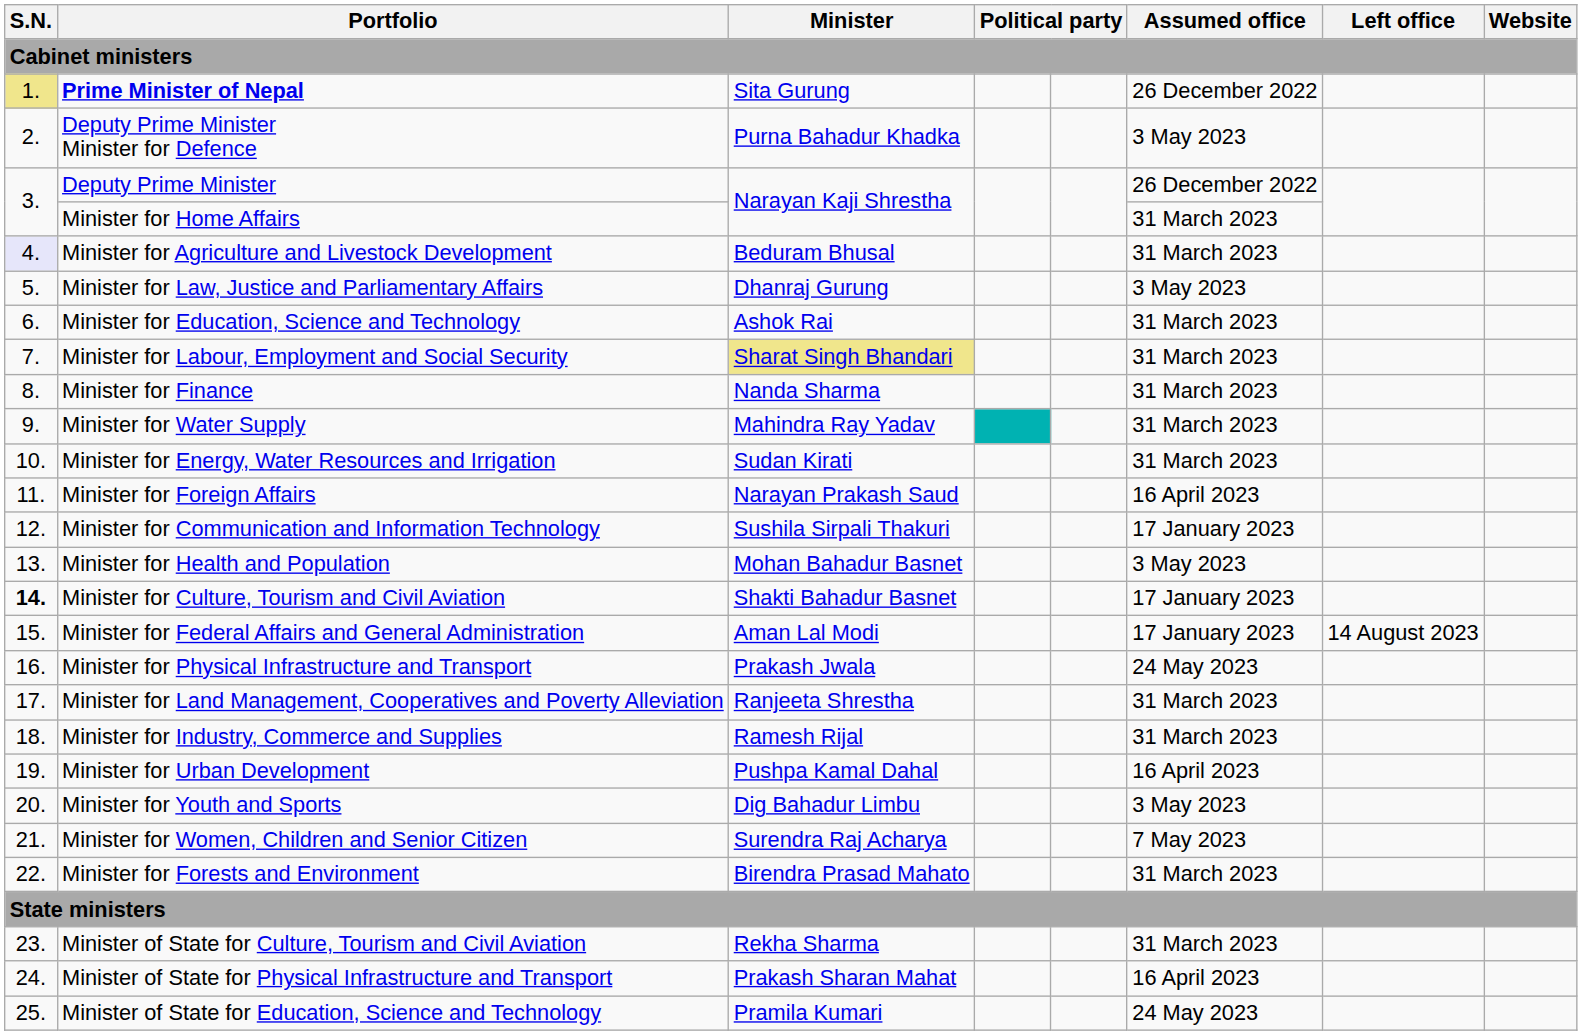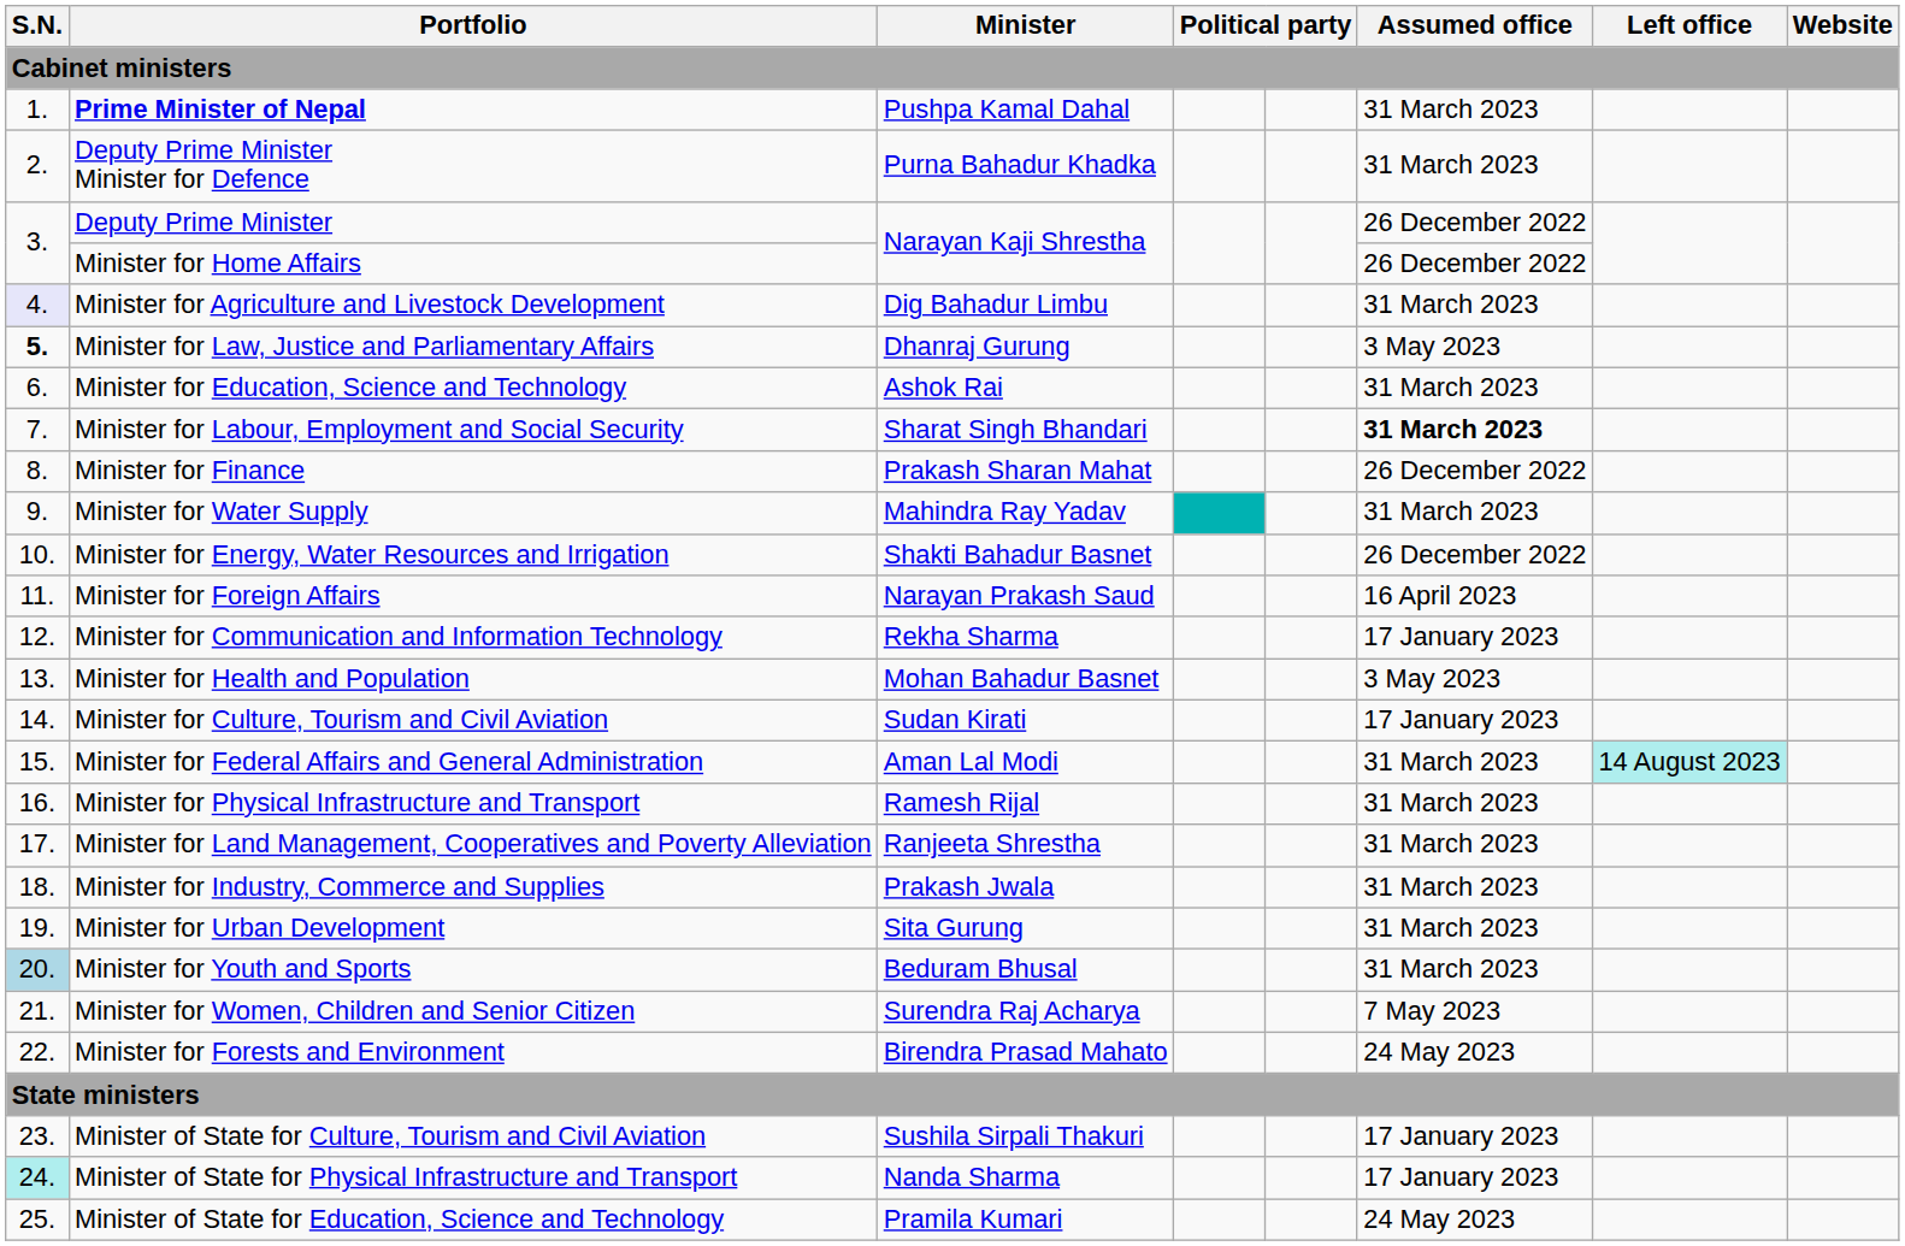 <table class="wikitable mw-collapsible mw-collapsed">
 <tr>
 <th>S.N.</th>
 <th>Portfolio</th>
 <th>Minister</th>
 <th colspan="2">Political party</th>
 <th>Assumed office</th>
 <th>Left office</th>
 <th>Website</th>
 </tr>
 <tr>
 <td colspan="8" bgcolor="darkgrey"><strong>Cabinet ministers</strong></td>
 </tr>
 <tr>
-<td style="background: khaki; text-align:center;">1.</td>
+<td style="text-align:center;">1.</td>
 <td><strong><a href='#'>Prime Minister of Nepal</a></strong></td>
-<td><a href='#'>Sita Gurung</a></td>
+<td><a href='#'>Pushpa Kamal Dahal</a></td>
 <td></td>
 <td></td>
-<td>26 December 2022</td>
+<td>31 March 2023</td>
 <td></td>
 <td></td>
 </tr>
 <tr>
 <td style="text-align:center;">2.</td>
 <td><a href='#'>Deputy Prime Minister</a><br>Minister for <a href='#'>Defence</a></td>
 <td><a href='#'>Purna Bahadur Khadka</a></td>
 <td></td>
 <td></td>
-<td>3 May 2023</td>
+<td>31 March 2023</td>
 <td></td>
 <td></td>
 </tr>
 <tr>
 <td rowspan="2" style="text-align:center;">3.</td>
 <td><a href='#'>Deputy Prime Minister</a></td>
 <td rowspan="2"><a href='#'>Narayan Kaji Shrestha</a></td>
 <td rowspan="2"></td>
 <td rowspan="2"></td>
 <td>26 December 2022</td>
 <td rowspan="2"></td>
 <td rowspan="2"></td>
 </tr>
 <tr>
 <td>Minister for <a href='#'>Home Affairs</a></td>
-<td>31 March 2023</td>
+<td>26 December 2022</td>
 </tr>
 <tr>
 <td style="background: lavender; text-align:center;">4.</td>
 <td>Minister for <a href='#'>Agriculture and Livestock Development</a></td>
-<td><a href='#'>Beduram Bhusal</a></td>
+<td><a href='#'>Dig Bahadur Limbu</a></td>
 <td></td>
 <td></td>
 <td>31 March 2023</td>
 <td></td>
 <td></td>
 </tr>
 <tr>
-<td style="text-align:center;">5.</td>
+<td style="text-align:center;"><strong>5.</strong></td>
 <td>Minister for <a href='#'>Law, Justice and Parliamentary Affairs</a></td>
 <td><a href='#'>Dhanraj Gurung</a></td>
 <td></td>
 <td></td>
 <td>3 May 2023</td>
 <td></td>
 <td></td>
 </tr>
 <tr>
 <td style="text-align:center;">6.</td>
 <td>Minister for <a href='#'>Education, Science and Technology</a></td>
 <td><a href='#'>Ashok Rai</a></td>
 <td></td>
 <td></td>
 <td>31 March 2023</td>
 <td></td>
 <td> </td>
 </tr>
 <tr>
 <td style="text-align:center;">7.</td>
 <td>Minister for <a href='#'>Labour, Employment and Social Security</a></td>
-<td style="background: khaki;"><a href='#'>Sharat Singh Bhandari</a></td>
+<td><a href='#'>Sharat Singh Bhandari</a></td>
 <td></td>
 <td></td>
-<td>31 March 2023</td>
+<td><strong>31 March 2023</strong></td>
 <td></td>
 <td></td>
 </tr>
 <tr>
 <td style="text-align:center;">8.</td>
 <td>Minister for <a href='#'>Finance</a></td>
-<td><a href='#'>Nanda Sharma</a></td>
+<td><a href='#'>Prakash Sharan Mahat</a></td>
 <td></td>
 <td></td>
-<td>31 March 2023</td>
+<td>26 December 2022</td>
 <td></td>
 <td></td>
 </tr>
 <tr>
 <td style="text-align:center;">9.</td>
 <td>Minister for <a href='#'>Water Supply</a></td>
 <td><a href='#'>Mahindra Ray Yadav</a></td>
 <td bgcolor="#00B2B2"></td>
 <td></td>
 <td>31 March 2023</td>
 <td></td>
 <td></td>
 </tr>
 <tr>
 <td style="text-align:center;">10.</td>
 <td>Minister for <a href='#'>Energy, Water Resources and Irrigation</a></td>
-<td><a href='#'>Sudan Kirati</a></td>
+<td><a href='#'>Shakti Bahadur Basnet</a></td>
 <td></td>
 <td></td>
-<td>31 March 2023</td>
+<td>26 December 2022</td>
 <td></td>
 <td> </td>
 </tr>
 <tr>
 <td style="text-align:center;">11.</td>
 <td>Minister for <a href='#'>Foreign Affairs</a></td>
 <td><a href='#'>Narayan Prakash Saud</a></td>
 <td></td>
 <td></td>
 <td>16 April 2023</td>
 <td></td>
 <td></td>
 </tr>
 <tr>
 <td style="text-align:center;">12.</td>
 <td>Minister for <a href='#'>Communication and Information Technology</a></td>
-<td><a href='#'>Sushila Sirpali Thakuri</a></td>
+<td><a href='#'>Rekha Sharma</a></td>
 <td></td>
 <td></td>
 <td>17 January 2023</td>
 <td></td>
 <td></td>
 </tr>
 <tr>
 <td style="text-align:center;">13.</td>
 <td>Minister for <a href='#'>Health and Population</a></td>
 <td><a href='#'>Mohan Bahadur Basnet</a></td>
 <td></td>
 <td></td>
 <td>3 May 2023</td>
 <td></td>
 <td> </td>
 </tr>
 <tr>
-<td style="text-align:center;"><strong>14.</strong></td>
+<td style="text-align:center;">14.</td>
 <td>Minister for <a href='#'>Culture, Tourism and Civil Aviation</a></td>
-<td><a href='#'>Shakti Bahadur Basnet</a></td>
+<td><a href='#'>Sudan Kirati</a></td>
 <td></td>
 <td></td>
 <td>17 January 2023</td>
 <td></td>
 <td></td>
 </tr>
 <tr>
 <td style="text-align:center;">15.</td>
 <td>Minister for <a href='#'>Federal Affairs and General Administration</a></td>
 <td><a href='#'>Aman Lal Modi</a></td>
 <td></td>
 <td></td>
-<td>17 January 2023</td>
-<td>14 August 2023</td>
+<td>31 March 2023</td>
+<td style="background: paleturquoise;">14 August 2023</td>
 <td></td>
 </tr>
 <tr>
 <td style="text-align:center;">16.</td>
 <td>Minister for <a href='#'>Physical Infrastructure and Transport</a></td>
-<td><a href='#'>Prakash Jwala</a></td>
+<td><a href='#'>Ramesh Rijal</a></td>
 <td></td>
 <td></td>
-<td>24 May 2023</td>
+<td>31 March 2023</td>
 <td></td>
 <td></td>
 </tr>
 <tr>
 <td style="text-align:center;">17.</td>
 <td>Minister for <a href='#'>Land Management, Cooperatives and Poverty Alleviation</a></td>
 <td><a href='#'>Ranjeeta Shrestha</a></td>
 <td></td>
 <td></td>
 <td>31 March 2023</td>
 <td></td>
 <td></td>
 </tr>
 <tr>
 <td style="text-align:center;">18.</td>
 <td>Minister for <a href='#'>Industry, Commerce and Supplies</a></td>
-<td><a href='#'>Ramesh Rijal</a></td>
+<td><a href='#'>Prakash Jwala</a></td>
 <td></td>
 <td></td>
 <td>31 March 2023</td>
 <td></td>
 <td></td>
 </tr>
 <tr>
 <td style="text-align:center;">19.</td>
 <td>Minister for <a href='#'>Urban Development</a></td>
-<td><a href='#'>Pushpa Kamal Dahal</a></td>
+<td><a href='#'>Sita Gurung</a></td>
 <td></td>
 <td></td>
-<td>16 April 2023</td>
+<td>31 March 2023</td>
 <td></td>
 <td></td>
 </tr>
 <tr>
-<td style="text-align:center;">20.</td>
+<td style="background: lightblue; text-align:center;">20.</td>
 <td>Minister for <a href='#'>Youth and Sports</a></td>
-<td><a href='#'>Dig Bahadur Limbu</a></td>
+<td><a href='#'>Beduram Bhusal</a></td>
 <td></td>
 <td></td>
-<td>3 May 2023</td>
+<td>31 March 2023</td>
 <td></td>
 <td></td>
 </tr>
 <tr>
 <td style="text-align:center;">21.</td>
 <td>Minister for <a href='#'>Women, Children and Senior Citizen</a></td>
 <td><a href='#'>Surendra Raj Acharya</a></td>
 <td></td>
 <td></td>
 <td>7 May 2023</td>
 <td></td>
 <td></td>
 </tr>
 <tr>
 <td style="text-align:center;">22.</td>
 <td>Minister for <a href='#'>Forests and Environment</a></td>
 <td><a href='#'>Birendra Prasad Mahato</a></td>
 <td></td>
 <td></td>
-<td>31 March 2023</td>
+<td>24 May 2023</td>
 <td></td>
 <td></td>
 </tr>
 <tr>
 <td colspan="8" bgcolor="darkgrey"><strong>State ministers</strong></td>
 </tr>
 <tr>
 <td style="text-align:center;">23.</td>
 <td>Minister of State for <a href='#'>Culture, Tourism and Civil Aviation</a></td>
-<td><a href='#'>Rekha Sharma</a></td>
+<td><a href='#'>Sushila Sirpali Thakuri</a></td>
 <td></td>
 <td></td>
-<td>31 March 2023</td>
+<td>17 January 2023</td>
 <td></td>
 <td></td>
 </tr>
 <tr>
-<td style="text-align:center;">24.</td>
+<td style="background: paleturquoise; text-align:center;">24.</td>
 <td>Minister of State for <a href='#'>Physical Infrastructure and Transport</a></td>
-<td><a href='#'>Prakash Sharan Mahat</a></td>
+<td><a href='#'>Nanda Sharma</a></td>
 <td></td>
 <td></td>
-<td>16 April 2023</td>
+<td>17 January 2023</td>
 <td></td>
 <td></td>
 </tr>
 <tr>
 <td style="text-align:center;">25.</td>
 <td>Minister of State for <a href='#'>Education, Science and Technology</a></td>
 <td><a href='#'>Pramila Kumari</a></td>
 <td></td>
 <td></td>
 <td>24 May 2023</td>
 <td></td>
 <td> </td>
 </tr>
 </table>
